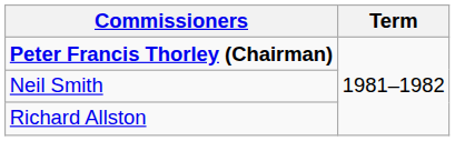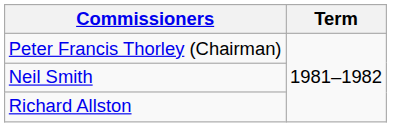 <table class="wikitable">
 <tr>
 <th><a href='#'>Commissioners</a></th>
 <th>Term</th>
 </tr>
 <tr>
-<td><strong><a href='#'>Peter Francis Thorley</a> (Chairman)</strong></td>
+<td><a href='#'>Peter Francis Thorley</a> (Chairman)</td>
 <td rowspan=3>1981–1982</td>
 </tr>
 <tr>
 <td><a href='#'>Neil Smith</a></td>
 </tr>
 <tr>
 <td><a href='#'>Richard Allston</a></td>
 </tr>
 </table>
